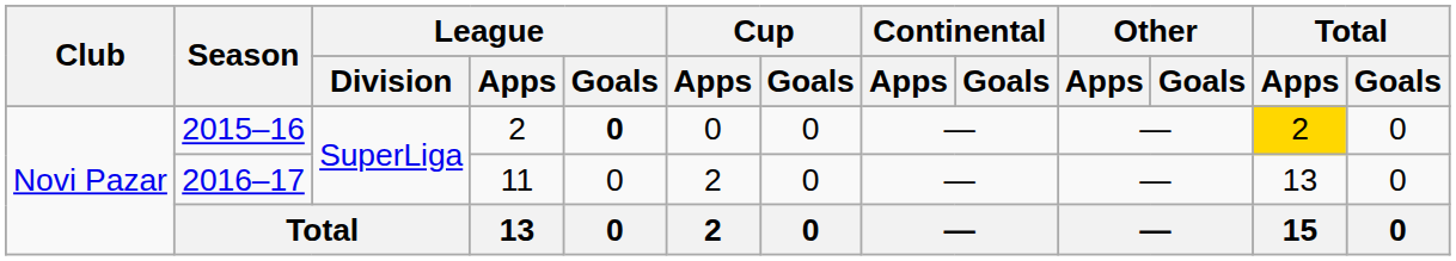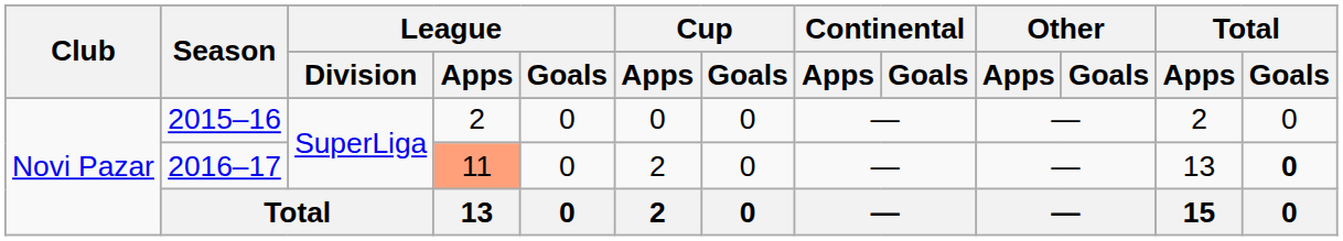 <table class="wikitable" style="text-align: center;font-size:90%">
 <tr>
 <th rowspan="2">Club</th>
 <th rowspan="2">Season</th>
 <th colspan="3">League</th>
 <th colspan="2">Cup</th>
 <th colspan="2">Continental</th>
 <th colspan="2">Other</th>
 <th colspan="2">Total</th>
 </tr>
 <tr>
 <th>Division</th>
 <th>Apps</th>
 <th>Goals</th>
 <th>Apps</th>
 <th>Goals</th>
 <th>Apps</th>
 <th>Goals</th>
 <th>Apps</th>
 <th>Goals</th>
 <th>Apps</th>
 <th>Goals</th>
 </tr>
 <tr>
 <td rowspan="3" valign="center"><a href='#'>Novi Pazar</a></td>
 <td><a href='#'>2015–16</a></td>
 <td rowspan=2><a href='#'>SuperLiga</a></td>
 <td>2</td>
-<td><strong>0</strong></td>
+<td>0</td>
 <td>0</td>
 <td>0</td>
 <td colspan="2">—</td>
 <td colspan="2">—</td>
-<td style="background: gold;">2</td>
+<td>2</td>
 <td>0</td>
 </tr>
 <tr>
 <td><a href='#'>2016–17</a></td>
-<td>11</td>
+<td style="background: lightsalmon;">11</td>
 <td>0</td>
 <td>2</td>
 <td>0</td>
 <td colspan="2">—</td>
 <td colspan="2">—</td>
 <td>13</td>
-<td>0</td>
+<td><strong>0</strong></td>
 </tr>
 <tr>
 <th colspan="2">Total</th>
 <th>13</th>
 <th>0</th>
 <th>2</th>
 <th>0</th>
 <th colspan="2">—</th>
 <th colspan="2">—</th>
 <th>15</th>
 <th>0</th>
 </tr>
 </table>
